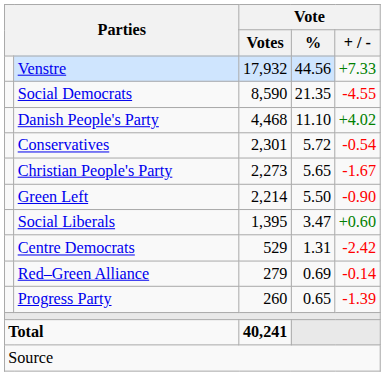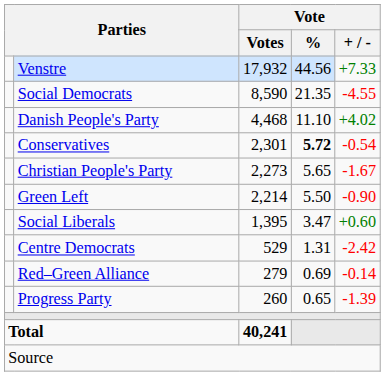 <table class="wikitable" style="text-align:right;">
 <tr>
 <th style="text-align:centre;" rowspan="2" colspan="2" width="225">Parties</th>
 <th colspan="3">Vote</th>
 </tr>
 <tr>
 <th width="15">Votes</th>
 <th width="15">%</th>
 <th width="15">+ / -</th>
 </tr>
 <tr>
 <td width="2" style="color:inherit;background:"></td>
 <td bgcolor=#cfe5fe  align="left"><a href='#'>Venstre</a></td>
 <td bgcolor=#cfe5fe>17,932</td>
 <td bgcolor=#cfe5fe>44.56</td>
 <td style=color:green;>+7.33</td>
 </tr>
 <tr>
 <td width="2" style="color:inherit;background:"></td>
 <td align="left"><a href='#'>Social Democrats</a></td>
 <td>8,590</td>
 <td>21.35</td>
 <td style=color:red;>-4.55</td>
 </tr>
 <tr>
 <td width="2" style="color:inherit;background:"></td>
 <td align="left"><a href='#'>Danish People's Party</a></td>
 <td>4,468</td>
 <td>11.10</td>
 <td style=color:green;>+4.02</td>
 </tr>
 <tr>
 <td width="2" style="color:inherit;background:"></td>
 <td align="left"><a href='#'>Conservatives</a></td>
 <td>2,301</td>
-<td>5.72</td>
+<td><strong>5.72</strong></td>
 <td style=color:red;>-0.54</td>
 </tr>
 <tr>
 <td width="2" style="color:inherit;background:"></td>
 <td align="left"><a href='#'>Christian People's Party</a></td>
 <td>2,273</td>
 <td>5.65</td>
 <td style=color:red;>-1.67</td>
 </tr>
 <tr>
 <td width="2" style="color:inherit;background:"></td>
 <td align="left"><a href='#'>Green Left</a></td>
 <td>2,214</td>
 <td>5.50</td>
 <td style=color:red;>-0.90</td>
 </tr>
 <tr>
 <td width="2" style="color:inherit;background:"></td>
 <td align="left"><a href='#'>Social Liberals</a></td>
 <td>1,395</td>
 <td>3.47</td>
 <td style=color:green;>+0.60</td>
 </tr>
 <tr>
 <td width="2" style="color:inherit;background:"></td>
 <td align="left"><a href='#'>Centre Democrats</a></td>
 <td>529</td>
 <td>1.31</td>
 <td style=color:red;>-2.42</td>
 </tr>
 <tr>
 <td width="2" style="color:inherit;background:"></td>
 <td align="left"><a href='#'>Red–Green Alliance</a></td>
 <td>279</td>
 <td>0.69</td>
 <td style=color:red;>-0.14</td>
 </tr>
 <tr>
 <td width="2" style="color:inherit;background:"></td>
 <td align="left"><a href='#'>Progress Party</a></td>
 <td>260</td>
 <td>0.65</td>
 <td style=color:red;>-1.39</td>
 </tr>
 <tr>
 <td colspan="7" bgcolor="#E9E9E9"></td>
 </tr>
 <tr>
 <td align="left" colspan="2"><strong>Total</strong></td>
 <td><strong>40,241</strong></td>
 <td bgcolor="#E9E9E9" colspan="2"></td>
 </tr>
 <tr>
 <td align="left" colspan="6">Source</td>
 </tr>
 </table>
